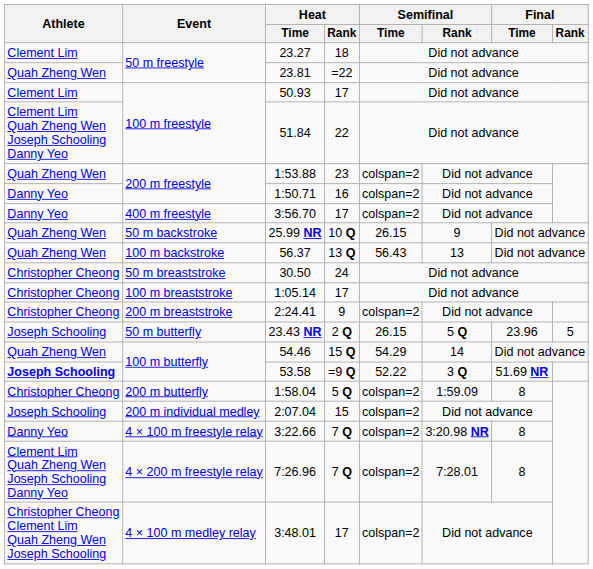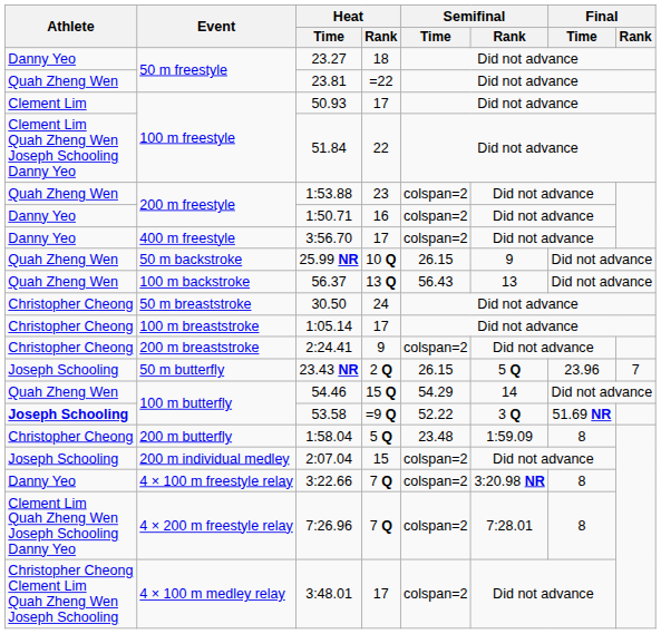 <table class=wikitable style=font-size:90%>
 <tr>
 <th rowspan=2>Athlete</th>
 <th rowspan=2>Event</th>
 <th colspan=2>Heat</th>
 <th colspan=2>Semifinal</th>
 <th colspan=2>Final</th>
 </tr>
 <tr style=font-size:95%>
 <th>Time</th>
 <th>Rank</th>
 <th>Time</th>
 <th>Rank</th>
 <th>Time</th>
 <th>Rank</th>
 </tr>
 <tr align=center>
-<td align=left><a href='#'>Clement Lim</a></td>
+<td align=left><a href='#'>Danny Yeo</a></td>
 <td align=left rowspan=2><a href='#'>50 m freestyle</a></td>
 <td>23.27</td>
 <td>18</td>
 <td colspan=4>Did not advance</td>
 </tr>
 <tr align=center>
 <td align=left><a href='#'>Quah Zheng Wen</a></td>
 <td>23.81</td>
 <td>=22</td>
 <td colspan=4>Did not advance</td>
 </tr>
 <tr align=center>
 <td align=left><a href='#'>Clement Lim</a></td>
 <td align=left rowspan=2><a href='#'>100 m freestyle</a></td>
 <td>50.93</td>
 <td>17</td>
 <td colspan=4>Did not advance</td>
 </tr>
 <tr align=center>
 <td align=left><a href='#'>Clement Lim</a><br><a href='#'>Quah Zheng Wen</a><br><a href='#'>Joseph Schooling</a><br><a href='#'>Danny Yeo</a></td>
 <td>51.84</td>
 <td>22</td>
 <td colspan=4>Did not advance</td>
 </tr>
 <tr align=center>
 <td align=left><a href='#'>Quah Zheng Wen</a></td>
 <td align=left rowspan=2><a href='#'>200 m freestyle</a></td>
 <td>1:53.88</td>
 <td>23</td>
 <td>colspan=2 </td>
 <td colspan=2>Did not advance</td>
 </tr>
 <tr align=center>
 <td align=left><a href='#'>Danny Yeo</a></td>
 <td>1:50.71</td>
 <td>16</td>
 <td>colspan=2 </td>
 <td colspan=2>Did not advance</td>
 </tr>
 <tr align=center>
 <td align=left><a href='#'>Danny Yeo</a></td>
 <td align=left><a href='#'>400 m freestyle</a></td>
 <td>3:56.70</td>
 <td>17</td>
 <td>colspan=2 </td>
 <td colspan=2>Did not advance</td>
 </tr>
 <tr align=center>
 <td align=left><a href='#'>Quah Zheng Wen</a></td>
 <td align=left><a href='#'>50 m backstroke</a></td>
 <td>25.99 <strong><a href='#'>NR</a></strong></td>
 <td>10 <strong>Q</strong></td>
 <td>26.15</td>
 <td>9</td>
 <td colspan=2>Did not advance</td>
 </tr>
 <tr align=center>
 <td align=left><a href='#'>Quah Zheng Wen</a></td>
 <td align=left><a href='#'>100 m backstroke</a></td>
 <td>56.37</td>
 <td>13 <strong>Q</strong></td>
 <td>56.43</td>
 <td>13</td>
 <td colspan=2>Did not advance</td>
 </tr>
 <tr align=center>
 <td align=left><a href='#'>Christopher Cheong</a></td>
 <td align=left><a href='#'>50 m breaststroke</a></td>
 <td>30.50</td>
 <td>24</td>
 <td colspan=4>Did not advance</td>
 </tr>
 <tr align=center>
 <td align=left><a href='#'>Christopher Cheong</a></td>
 <td align=left><a href='#'>100 m breaststroke</a></td>
 <td>1:05.14</td>
 <td>17</td>
 <td colspan=4>Did not advance</td>
 </tr>
 <tr align=center>
 <td align=left><a href='#'>Christopher Cheong</a></td>
 <td align=left><a href='#'>200 m breaststroke</a></td>
 <td>2:24.41</td>
 <td>9</td>
 <td>colspan=2 </td>
 <td colspan=2>Did not advance</td>
 </tr>
 <tr align=center>
 <td align=left><a href='#'>Joseph Schooling</a></td>
 <td align=left><a href='#'>50 m butterfly</a></td>
 <td>23.43 <strong><a href='#'>NR</a></strong></td>
 <td>2 <strong>Q</strong></td>
 <td>26.15</td>
 <td>5 <strong>Q</strong></td>
 <td>23.96</td>
-<td>5</td>
+<td>7</td>
 </tr>
 <tr align=center>
 <td align=left><a href='#'>Quah Zheng Wen</a></td>
 <td align=left rowspan=2><a href='#'>100 m butterfly</a></td>
 <td>54.46</td>
 <td>15 <strong>Q</strong></td>
 <td>54.29</td>
 <td>14</td>
 <td colspan=2>Did not advance</td>
 </tr>
 <tr align=center>
 <td align=left><strong><a href='#'>Joseph Schooling</a></strong></td>
 <td>53.58</td>
 <td>=9 <strong>Q</strong></td>
 <td>52.22</td>
 <td>3 <strong>Q</strong></td>
 <td>51.69 <strong><a href='#'>NR</a></strong></td>
 <td></td>
 </tr>
 <tr align=center>
 <td align=left><a href='#'>Christopher Cheong</a></td>
 <td align=left><a href='#'>200 m butterfly</a></td>
 <td>1:58.04</td>
 <td>5 <strong>Q</strong></td>
-<td>colspan=2 </td>
+<td>23.48</td>
 <td>1:59.09</td>
 <td>8</td>
 </tr>
 <tr align=center>
 <td align=left><a href='#'>Joseph Schooling</a></td>
 <td align=left><a href='#'>200 m individual medley</a></td>
 <td>2:07.04</td>
 <td>15</td>
 <td>colspan=2 </td>
 <td colspan=2>Did not advance</td>
 </tr>
 <tr align=center>
 <td align=left><a href='#'>Danny Yeo</a></td>
 <td align=left><a href='#'>4 × 100 m freestyle relay</a></td>
 <td>3:22.66</td>
 <td>7 <strong>Q</strong></td>
 <td>colspan=2 </td>
 <td>3:20.98 <strong><a href='#'>NR</a></strong></td>
 <td>8</td>
 </tr>
 <tr align=center>
 <td align=left><a href='#'>Clement Lim</a><br><a href='#'>Quah Zheng Wen</a><br><a href='#'>Joseph Schooling</a><br><a href='#'>Danny Yeo</a></td>
 <td align=left><a href='#'>4 × 200 m freestyle relay</a></td>
 <td>7:26.96</td>
 <td>7 <strong>Q</strong></td>
 <td>colspan=2 </td>
 <td>7:28.01</td>
 <td>8</td>
 </tr>
 <tr align=center>
 <td align=left><a href='#'>Christopher Cheong</a><br><a href='#'>Clement Lim</a><br><a href='#'>Quah Zheng Wen</a><br><a href='#'>Joseph Schooling</a></td>
 <td align=left><a href='#'>4 × 100 m medley relay</a></td>
 <td>3:48.01</td>
 <td>17</td>
 <td>colspan=2 </td>
 <td colspan=2>Did not advance</td>
 </tr>
 </table>
